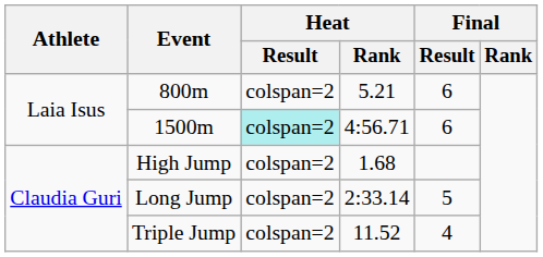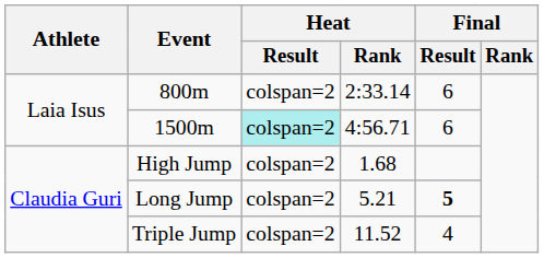 <table class="wikitable" style="font-size:90%">
 <tr>
 <th rowspan="2">Athlete</th>
 <th rowspan="2">Event</th>
 <th colspan="2">Heat</th>
 <th colspan="2">Final</th>
 </tr>
 <tr style="font-size:95%">
 <th>Result</th>
 <th>Rank</th>
 <th>Result</th>
 <th>Rank</th>
 </tr>
 <tr align=center>
 <td rowspan=2>Laia Isus</td>
 <td>800m</td>
 <td>colspan=2 </td>
-<td>5.21</td>
+<td>2:33.14</td>
 <td>6</td>
 </tr>
 <tr align=center>
 <td>1500m</td>
 <td style="background: paleturquoise;">colspan=2 </td>
 <td>4:56.71</td>
 <td>6</td>
 </tr>
 <tr align=center>
 <td rowspan=3><a href='#'>Claudia Guri</a></td>
 <td>High Jump</td>
 <td>colspan=2 </td>
 <td>1.68</td>
 <td></td>
 </tr>
 <tr align=center>
 <td>Long Jump</td>
 <td>colspan=2 </td>
-<td>2:33.14</td>
-<td>5</td>
+<td>5.21</td>
+<td><strong>5</strong></td>
 </tr>
 <tr align=center>
 <td>Triple Jump</td>
 <td>colspan=2 </td>
 <td>11.52</td>
 <td>4</td>
 </tr>
 </table>
